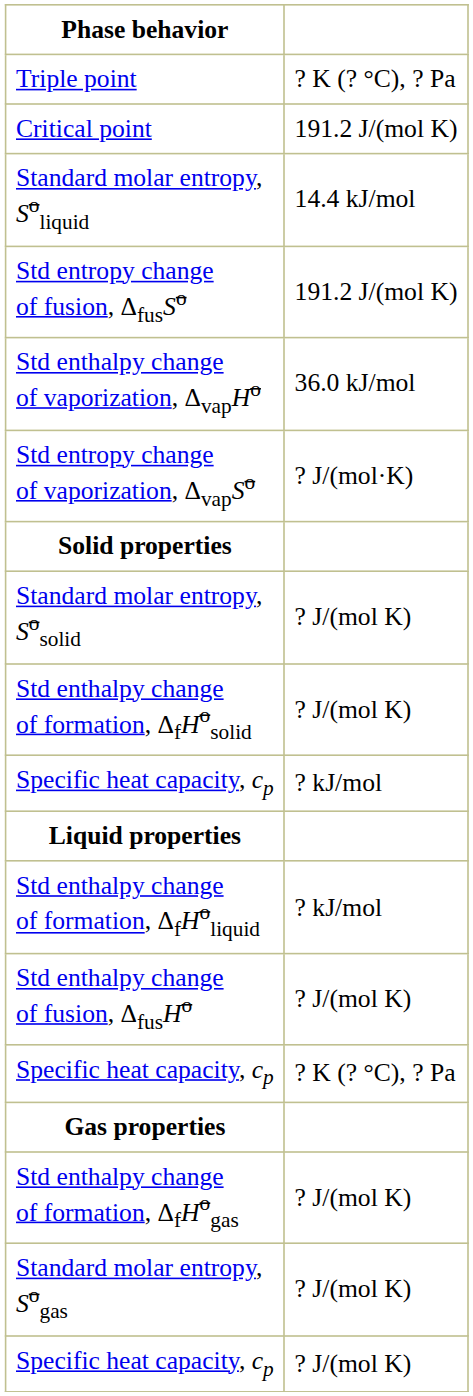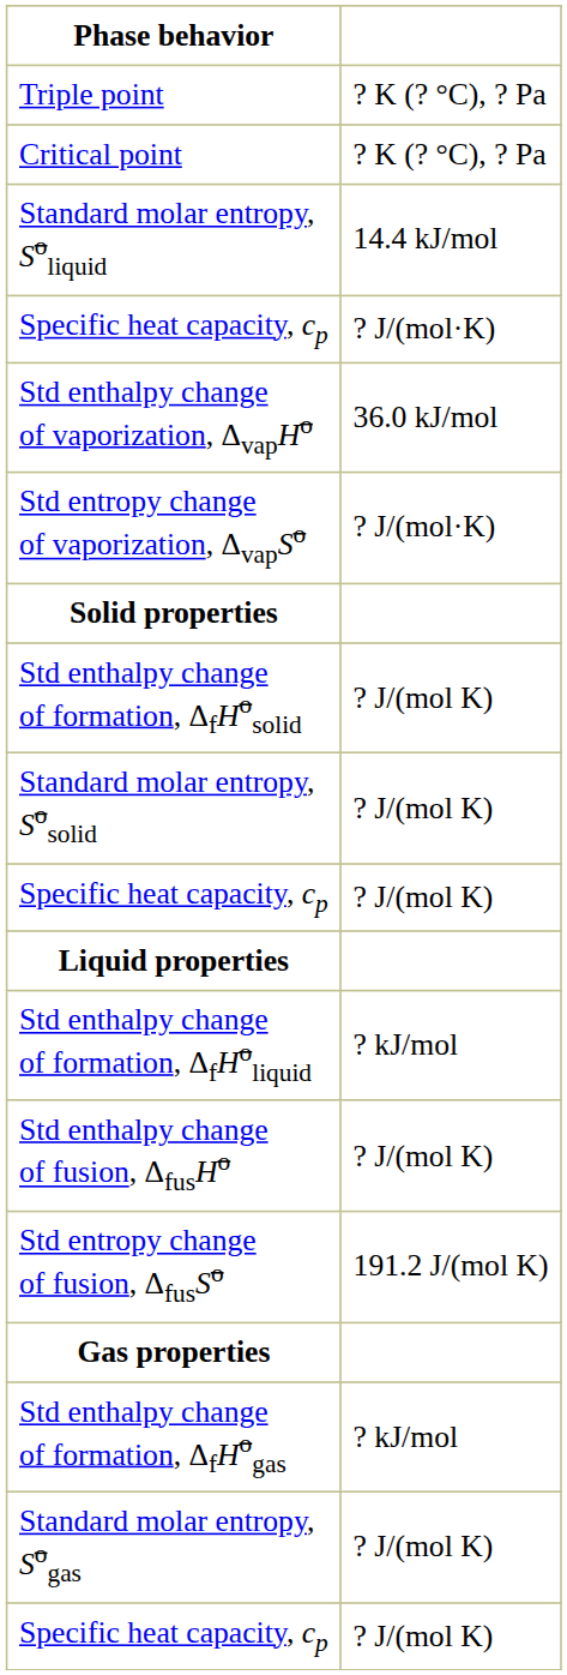 <table border="1" cellspacing="0" cellpadding="6" style="margin: 0 0 0 0.5em; background: #FFFFFF; border-collapse: collapse; border-color: #C0C090;">
 <tr>
 <th>Phase behavior</th>
 </tr>
 <tr>
 <td><a href='#'>Triple point</a></td>
 <td>? K (? °C), ? Pa</td>
 </tr>
 <tr>
 <td><a href='#'>Critical point</a></td>
-<td>191.2 J/(mol K)</td>
+<td>? K (? °C), ? Pa</td>
 </tr>
 <tr>
 <td><a href='#'>Standard molar entropy</a>,<br><em>S</em><sup><s>o</s></sup><sub>liquid</sub></td>
 <td>14.4 kJ/mol</td>
 </tr>
 <tr>
-<td><a href='#'>Std entropy change<br>of fusion</a>, Δ<sub>fus</sub><em>S</em><sup><s>o</s></sup></td>
-<td>191.2 J/(mol K)</td>
+<td><a href='#'>Specific heat capacity</a>, <em>c<sub>p</sub></em></td>
+<td>? J/(mol·K)</td>
 </tr>
 <tr>
 <td><a href='#'>Std enthalpy change<br>of vaporization</a>, Δ<sub>vap</sub><em>H</em><sup><s>o</s></sup></td>
 <td>36.0 kJ/mol</td>
 </tr>
 <tr>
 <td><a href='#'>Std entropy change<br>of vaporization</a>, Δ<sub>vap</sub><em>S</em><sup><s>o</s></sup></td>
 <td>? J/(mol·K)</td>
 </tr>
 <tr>
 <th>Solid properties</th>
 </tr>
 <tr>
+<td><a href='#'>Std enthalpy change<br>of formation</a>, Δ<sub>f</sub><em>H</em><sup><s>o</s></sup><sub>solid</sub></td>
+<td>? J/(mol K)</td>
+</tr>
+<tr>
 <td><a href='#'>Standard molar entropy</a>,<br><em>S</em><sup><s>o</s></sup><sub>solid</sub></td>
 <td>? J/(mol K)</td>
 </tr>
 <tr>
-<td><a href='#'>Std enthalpy change<br>of formation</a>, Δ<sub>f</sub><em>H</em><sup><s>o</s></sup><sub>solid</sub></td>
+<td><a href='#'>Specific heat capacity</a>, <em>c<sub>p</sub></em></td>
 <td>? J/(mol K)</td>
-</tr>
-<tr>
-<td><a href='#'>Specific heat capacity</a>, <em>c<sub>p</sub></em></td>
-<td>? kJ/mol</td>
 </tr>
 <tr>
 <th>Liquid properties</th>
 </tr>
 <tr>
 <td><a href='#'>Std enthalpy change<br>of formation</a>, Δ<sub>f</sub><em>H</em><sup><s>o</s></sup><sub>liquid</sub></td>
 <td>? kJ/mol</td>
 </tr>
 <tr>
 <td><a href='#'>Std enthalpy change<br>of fusion</a>, Δ<sub>fus</sub><em>H</em><sup><s>o</s></sup></td>
 <td>? J/(mol K)</td>
 </tr>
 <tr>
-<td><a href='#'>Specific heat capacity</a>, <em>c<sub>p</sub></em></td>
-<td>? K (? °C), ? Pa</td>
+<td><a href='#'>Std entropy change<br>of fusion</a>, Δ<sub>fus</sub><em>S</em><sup><s>o</s></sup></td>
+<td>191.2 J/(mol K)</td>
 </tr>
 <tr>
 <th>Gas properties</th>
 </tr>
 <tr>
 <td><a href='#'>Std enthalpy change<br>of formation</a>, Δ<sub>f</sub><em>H</em><sup><s>o</s></sup><sub>gas</sub></td>
-<td>? J/(mol K)</td>
+<td>? kJ/mol</td>
 </tr>
 <tr>
 <td><a href='#'>Standard molar entropy</a>,<br><em>S</em><sup><s>o</s></sup><sub>gas</sub></td>
 <td>? J/(mol K)</td>
 </tr>
 <tr>
 <td><a href='#'>Specific heat capacity</a>, <em>c<sub>p</sub></em></td>
 <td>? J/(mol K)</td>
 </tr>
 <tr>
 </tr>
 </table>
